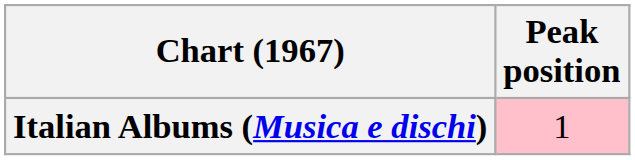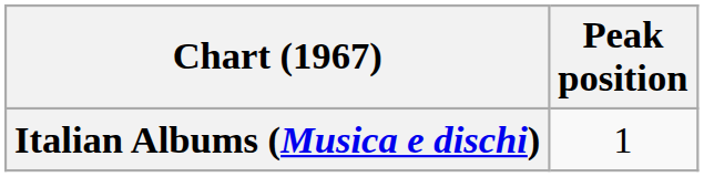 <table class="wikitable plainrowheaders" style="text-align:center">
 <tr>
 <th scope="col">Chart (1967)</th>
 <th scope="col">Peak<br>position</th>
 </tr>
 <tr>
 <th scope="row">Italian Albums (<em><a href='#'>Musica e dischi</a></em>)</th>
-<td style="background: pink;">1</td>
+<td>1</td>
 </tr>
 </table>
